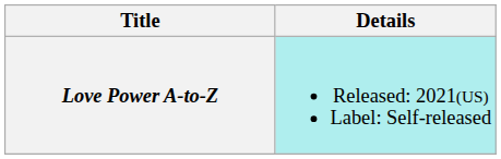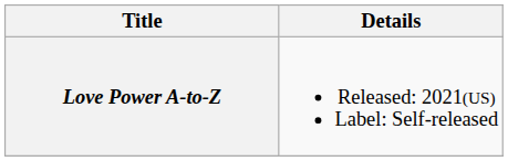 <table class="wikitable plainrowheaders" style="text-align:center">
 <tr>
 <th scope="col" style="width:13em">Title</th>
 <th scope="col">Details</th>
 </tr>
 <tr>
 <th scope="row"><em>Love Power A-to-Z</em></th>
-<td style="background: paleturquoise;"><br><ul><li>Released: 2021<small>(US)</small></li><li>Label: Self-released</li></ul></td>
+<td><br><ul><li>Released: 2021<small>(US)</small></li><li>Label: Self-released</li></ul></td>
 </tr>
 <tr>
 </tr>
 </table>
